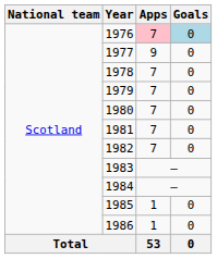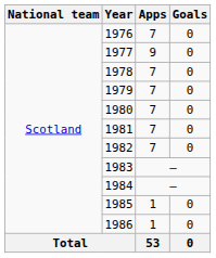 <table class="wikitable" style="text-align:center">
 <tr>
 <th>National team</th>
 <th>Year</th>
 <th>Apps</th>
 <th>Goals</th>
 </tr>
 <tr>
 <td rowspan="11"><a href='#'>Scotland</a></td>
 <td>1976</td>
-<td style="background: pink;">7</td>
-<td style="background: lightblue;">0</td>
+<td>7</td>
+<td>0</td>
 </tr>
 <tr>
 <td>1977</td>
 <td>9</td>
 <td>0</td>
 </tr>
 <tr>
 <td>1978</td>
 <td>7</td>
 <td>0</td>
 </tr>
 <tr>
 <td>1979</td>
 <td>7</td>
 <td>0</td>
 </tr>
 <tr>
 <td>1980</td>
 <td>7</td>
 <td>0</td>
 </tr>
 <tr>
 <td>1981</td>
 <td>7</td>
 <td>0</td>
 </tr>
 <tr>
 <td>1982</td>
 <td>7</td>
 <td>0</td>
 </tr>
 <tr>
 <td>1983</td>
 <td colspan="2">—</td>
 </tr>
 <tr>
 <td>1984</td>
 <td colspan="2">—</td>
 </tr>
 <tr>
 <td>1985</td>
 <td>1</td>
 <td>0</td>
 </tr>
 <tr>
 <td>1986</td>
 <td>1</td>
 <td>0</td>
 </tr>
 <tr>
 <th colspan="2">Total</th>
 <th>53</th>
 <th>0</th>
 </tr>
 </table>
